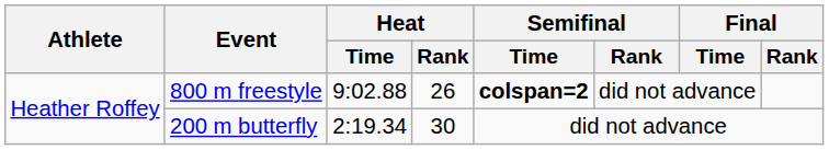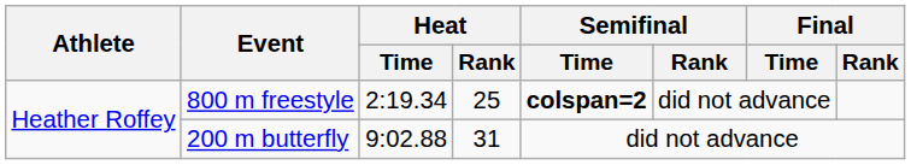 <table class=wikitable style="font-size:90%">
 <tr>
 <th rowspan="2">Athlete</th>
 <th rowspan="2">Event</th>
 <th colspan="2">Heat</th>
 <th colspan="2">Semifinal</th>
 <th colspan="2">Final</th>
 </tr>
 <tr style="font-size:95%">
 <th>Time</th>
 <th>Rank</th>
 <th>Time</th>
 <th>Rank</th>
 <th>Time</th>
 <th>Rank</th>
 </tr>
 <tr align=center>
 <td align=left rowspan=2><a href='#'>Heather Roffey</a></td>
 <td align=left><a href='#'>800 m freestyle</a></td>
-<td>9:02.88</td>
-<td>26</td>
+<td>2:19.34</td>
+<td>25</td>
 <td><strong>colspan=2 </strong></td>
 <td colspan=2>did not advance</td>
 </tr>
 <tr align=center>
 <td align=left><a href='#'>200 m butterfly</a></td>
-<td>2:19.34</td>
-<td>30</td>
+<td>9:02.88</td>
+<td>31</td>
 <td colspan=4>did not advance</td>
 </tr>
 </table>
